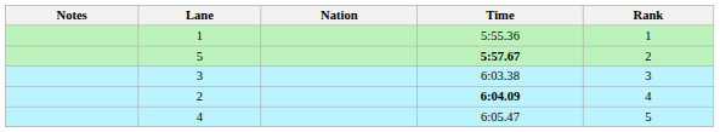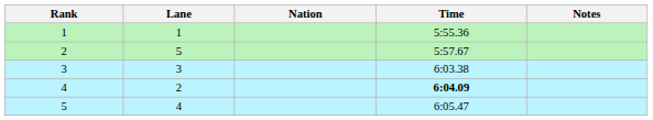 <table class="wikitable sortable" style="text-align:center; width: 70%;">
 <tr>
-<th>Notes</th>
+<th>Rank</th>
 <th>Lane</th>
 <th>Nation</th>
 <th>Time</th>
-<th>Rank</th>
+<th>Notes</th>
 </tr>
 <tr bgcolor=bbf3bb>
-<td></td>
+<td>1</td>
 <td>1</td>
 <td align=left></td>
 <td>5:55.36</td>
-<td>1</td>
+<td></td>
 </tr>
 <tr bgcolor=bbf3bb>
-<td></td>
+<td>2</td>
 <td>5</td>
 <td align=left></td>
-<td><strong>5:57.67</strong></td>
-<td>2</td>
+<td>5:57.67</td>
+<td></td>
 </tr>
 <tr bgcolor=bbf3ff>
-<td></td>
+<td>3</td>
 <td>3</td>
 <td align=left></td>
 <td>6:03.38</td>
-<td>3</td>
+<td></td>
 </tr>
 <tr bgcolor=bbf3ff>
-<td></td>
+<td>4</td>
 <td>2</td>
 <td align=left></td>
 <td><strong>6:04.09</strong></td>
-<td>4</td>
+<td></td>
 </tr>
 <tr bgcolor=bbf3ff>
-<td></td>
+<td>5</td>
 <td>4</td>
 <td align=left></td>
 <td>6:05.47</td>
-<td>5</td>
+<td></td>
 </tr>
 </table>
